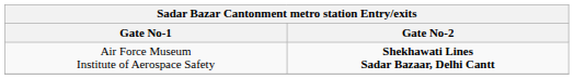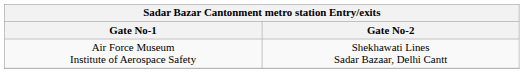 <table class="wikitable" style="text-align: center;" width="60%">
 <tr>
 <th align="center" colspan="5" style="background:#"><span>Sadar Bazar Cantonment metro station Entry/exits</span></th>
 </tr>
 <tr>
 <th style="width:30%;">Gate No-1 </th>
 <th style="width:30%;">Gate No-2</th>
 </tr>
 <tr>
 <td>Air Force Museum<br>Institute of Aerospace Safety</td>
-<td><strong>Shekhawati Lines<br>Sadar Bazaar, Delhi Cantt</strong></td>
+<td>Shekhawati Lines<br>Sadar Bazaar, Delhi Cantt</td>
 </tr>
 <tr>
 </tr>
 </table>
